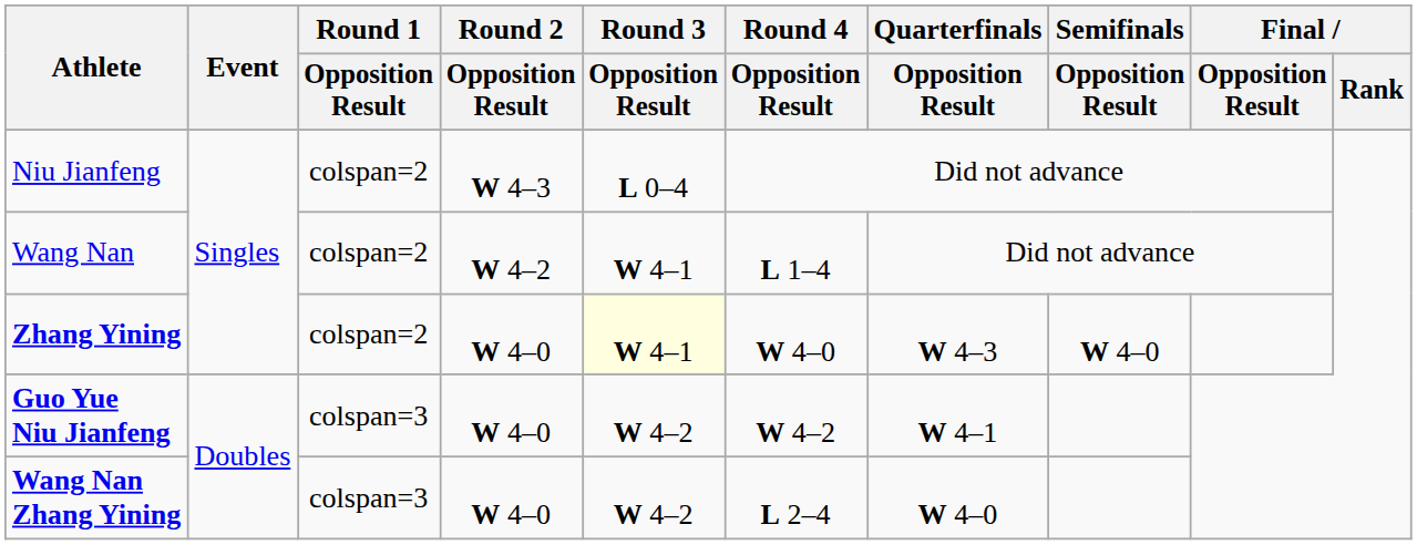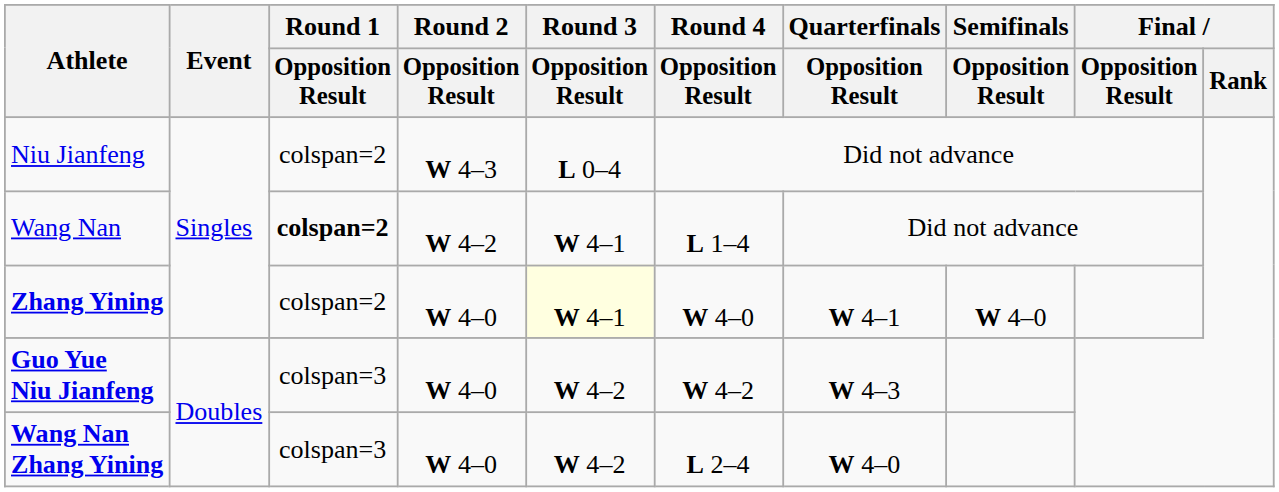 <table class="wikitable" style="font-size:90%">
 <tr>
 <th rowspan="2">Athlete</th>
 <th rowspan="2">Event</th>
 <th>Round 1</th>
 <th>Round 2</th>
 <th>Round 3</th>
 <th>Round 4</th>
 <th>Quarterfinals</th>
 <th>Semifinals</th>
 <th colspan=2>Final / </th>
 </tr>
 <tr style="font-size:95%">
 <th>Opposition<br>Result</th>
 <th>Opposition<br>Result</th>
 <th>Opposition<br>Result</th>
 <th>Opposition<br>Result</th>
 <th>Opposition<br>Result</th>
 <th>Opposition<br>Result</th>
 <th>Opposition<br>Result</th>
 <th>Rank</th>
 </tr>
 <tr align=center>
 <td align=left><a href='#'>Niu Jianfeng</a></td>
 <td style="text-align:left;" rowspan="3"><a href='#'>Singles</a></td>
 <td>colspan=2 </td>
 <td><br><strong>W</strong> 4–3</td>
 <td><br><strong>L</strong> 0–4</td>
 <td colspan=4>Did not advance</td>
 </tr>
 <tr align=center>
 <td align=left><a href='#'>Wang Nan</a></td>
-<td>colspan=2 </td>
+<td><strong>colspan=2 </strong></td>
 <td><br><strong>W</strong> 4–2</td>
 <td><br><strong>W</strong> 4–1</td>
 <td><br><strong>L</strong> 1–4</td>
 <td colspan=3>Did not advance</td>
 </tr>
 <tr align=center>
 <td align=left><strong><a href='#'>Zhang Yining</a></strong></td>
 <td>colspan=2 </td>
 <td><br><strong>W</strong> 4–0</td>
 <td style="background: lightyellow;"><br><strong>W</strong> 4–1</td>
 <td><br><strong>W</strong> 4–0</td>
-<td><br><strong>W</strong> 4–3</td>
+<td><br><strong>W</strong> 4–1</td>
 <td><br><strong>W</strong> 4–0</td>
 <td></td>
 </tr>
 <tr align=center>
 <td align=left><strong><a href='#'>Guo Yue</a><br><a href='#'>Niu Jianfeng</a></strong></td>
 <td style="text-align:left;" rowspan="2"><a href='#'>Doubles</a></td>
 <td>colspan=3 </td>
 <td><br><strong>W</strong> 4–0</td>
 <td><br><strong>W</strong> 4–2</td>
 <td><br><strong>W</strong> 4–2</td>
-<td><br><strong>W</strong> 4–1</td>
+<td><br><strong>W</strong> 4–3</td>
 <td></td>
 </tr>
 <tr align=center>
 <td align=left><strong><a href='#'>Wang Nan</a><br><a href='#'>Zhang Yining</a></strong></td>
 <td>colspan=3 </td>
 <td><br><strong>W</strong> 4–0</td>
 <td><br><strong>W</strong> 4–2</td>
 <td><br><strong>L</strong> 2–4</td>
 <td><br><strong>W</strong> 4–0</td>
 <td></td>
 </tr>
 </table>
